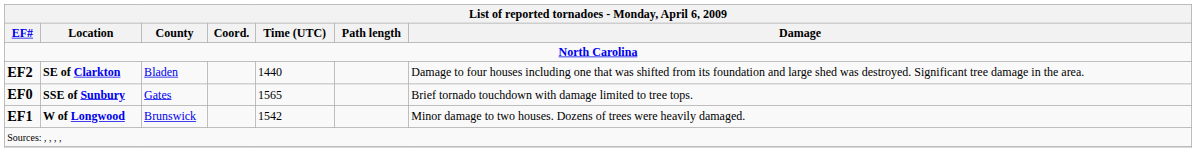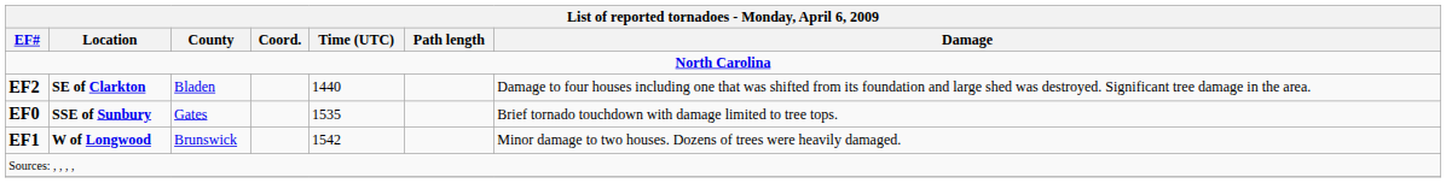 <table class="wikitable collapsible" width="100%">
 <tr>
 <th colspan="7">List of reported tornadoes - Monday, April 6, 2009</th>
 </tr>
 <tr>
 <th><a href='#'>EF#</a></th>
 <th>Location</th>
 <th>County</th>
 <th>Coord.</th>
 <th>Time (UTC)</th>
 <th>Path length</th>
 <th>Damage</th>
 </tr>
 <tr>
 <td colspan="7" align=center><strong><a href='#'>North Carolina</a></strong></td>
 </tr>
 <tr>
 <td><big><strong>EF2</strong></big></td>
 <td><strong>SE of <a href='#'>Clarkton</a></strong></td>
 <td><a href='#'>Bladen</a></td>
 <td></td>
 <td>1440</td>
 <td></td>
 <td>Damage to four houses including one that was shifted from its foundation and large shed was destroyed. Significant tree damage in the area.</td>
 </tr>
 <tr>
 <td><big><strong>EF0</strong></big></td>
 <td><strong>SSE of <a href='#'>Sunbury</a></strong></td>
 <td><a href='#'>Gates</a></td>
 <td></td>
-<td>1565</td>
+<td>1535</td>
 <td></td>
 <td>Brief tornado touchdown with damage limited to tree tops.</td>
 </tr>
 <tr>
 <td><big><strong>EF1</strong></big></td>
 <td><strong>W of <a href='#'>Longwood</a></strong></td>
 <td><a href='#'>Brunswick</a></td>
 <td></td>
 <td>1542</td>
 <td></td>
 <td>Minor damage to two houses. Dozens of trees were heavily damaged.</td>
 </tr>
 <tr>
 <td colspan="7"><small>Sources: , , , , </small></td>
 </tr>
 <tr>
 </tr>
 </table>
